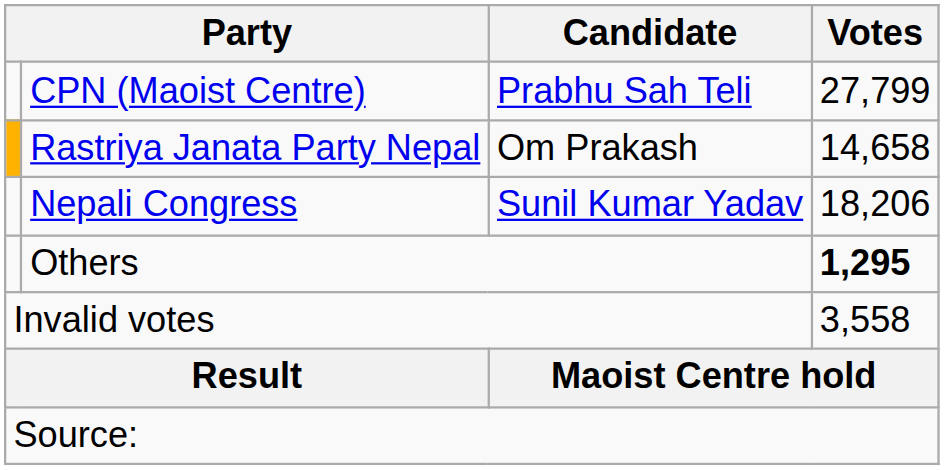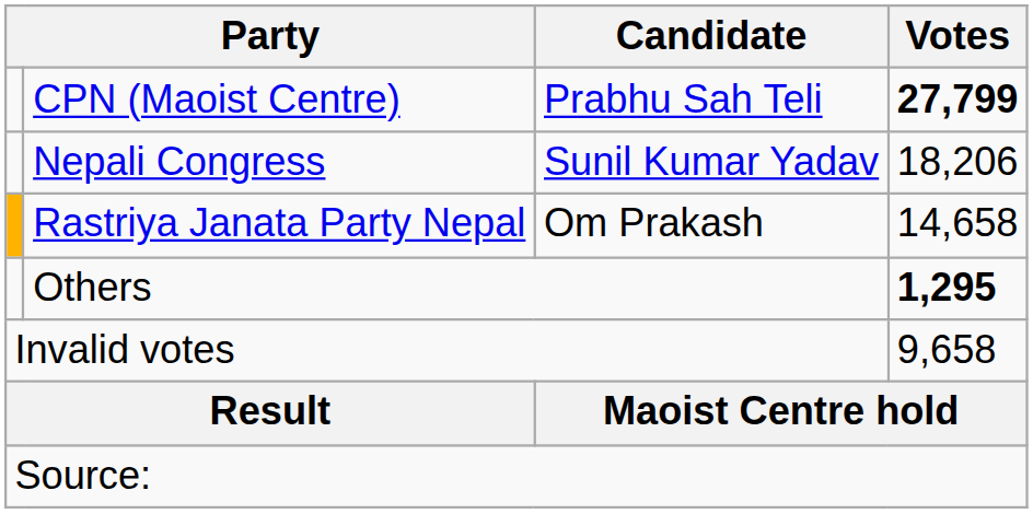 <table class="wikitable">
 <tr>
 <th colspan="2">Party</th>
 <th>Candidate</th>
 <th>Votes</th>
 </tr>
 <tr>
 <td style="background-color:"></td>
 <td><a href='#'>CPN (Maoist Centre)</a></td>
 <td><a href='#'>Prabhu Sah Teli</a></td>
-<td>27,799</td>
+<td><strong>27,799</strong></td>
+</tr>
+<tr>
+<td style="background-color:"></td>
+<td><a href='#'>Nepali Congress</a></td>
+<td><a href='#'>Sunil Kumar Yadav</a></td>
+<td>18,206</td>
 </tr>
 <tr>
 <td style="background-color:#ffb300"></td>
 <td><a href='#'>Rastriya Janata Party Nepal</a></td>
 <td>Om Prakash</td>
 <td>14,658</td>
 </tr>
 <tr>
-<td style="background-color:"></td>
-<td><a href='#'>Nepali Congress</a></td>
-<td><a href='#'>Sunil Kumar Yadav</a></td>
-<td>18,206</td>
-</tr>
-<tr>
 <td></td>
 <td colspan="2">Others</td>
 <td><strong>1,295</strong></td>
 </tr>
 <tr>
 <td colspan="3">Invalid votes</td>
-<td>3,558</td>
+<td>9,658</td>
 </tr>
 <tr>
 <th colspan="2">Result</th>
 <th colspan="2">Maoist Centre hold</th>
 </tr>
 <tr>
 <td colspan="4">Source: </td>
 </tr>
 </table>
